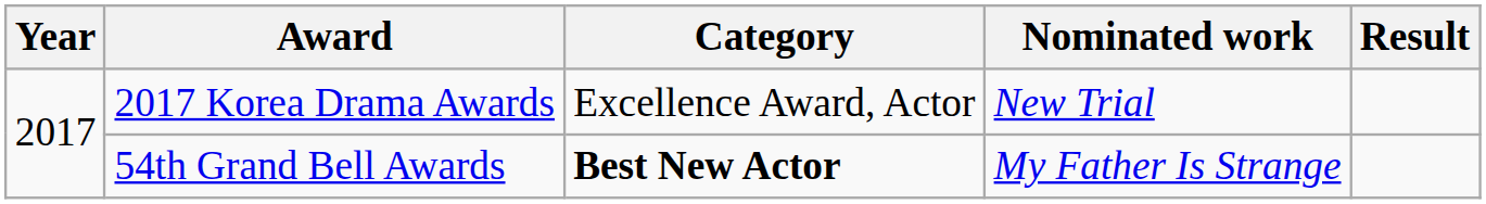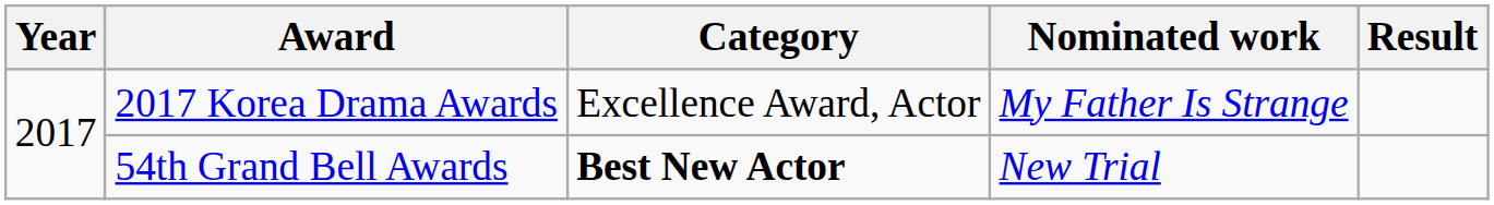 <table class="wikitable sortable">
 <tr>
 <th>Year</th>
 <th>Award</th>
 <th>Category</th>
 <th>Nominated work</th>
 <th>Result</th>
 </tr>
 <tr>
 <td rowspan=2>2017</td>
 <td><a href='#'>2017 Korea Drama Awards</a></td>
 <td>Excellence Award, Actor</td>
-<td><em><a href='#'>New Trial</a></em></td>
+<td><em><a href='#'>My Father Is Strange</a></em></td>
 <td></td>
 </tr>
 <tr>
 <td><a href='#'>54th Grand Bell Awards</a></td>
 <td><strong>Best New Actor</strong></td>
-<td><em><a href='#'>My Father Is Strange</a></em></td>
+<td><em><a href='#'>New Trial</a></em></td>
 <td></td>
 </tr>
 </table>
